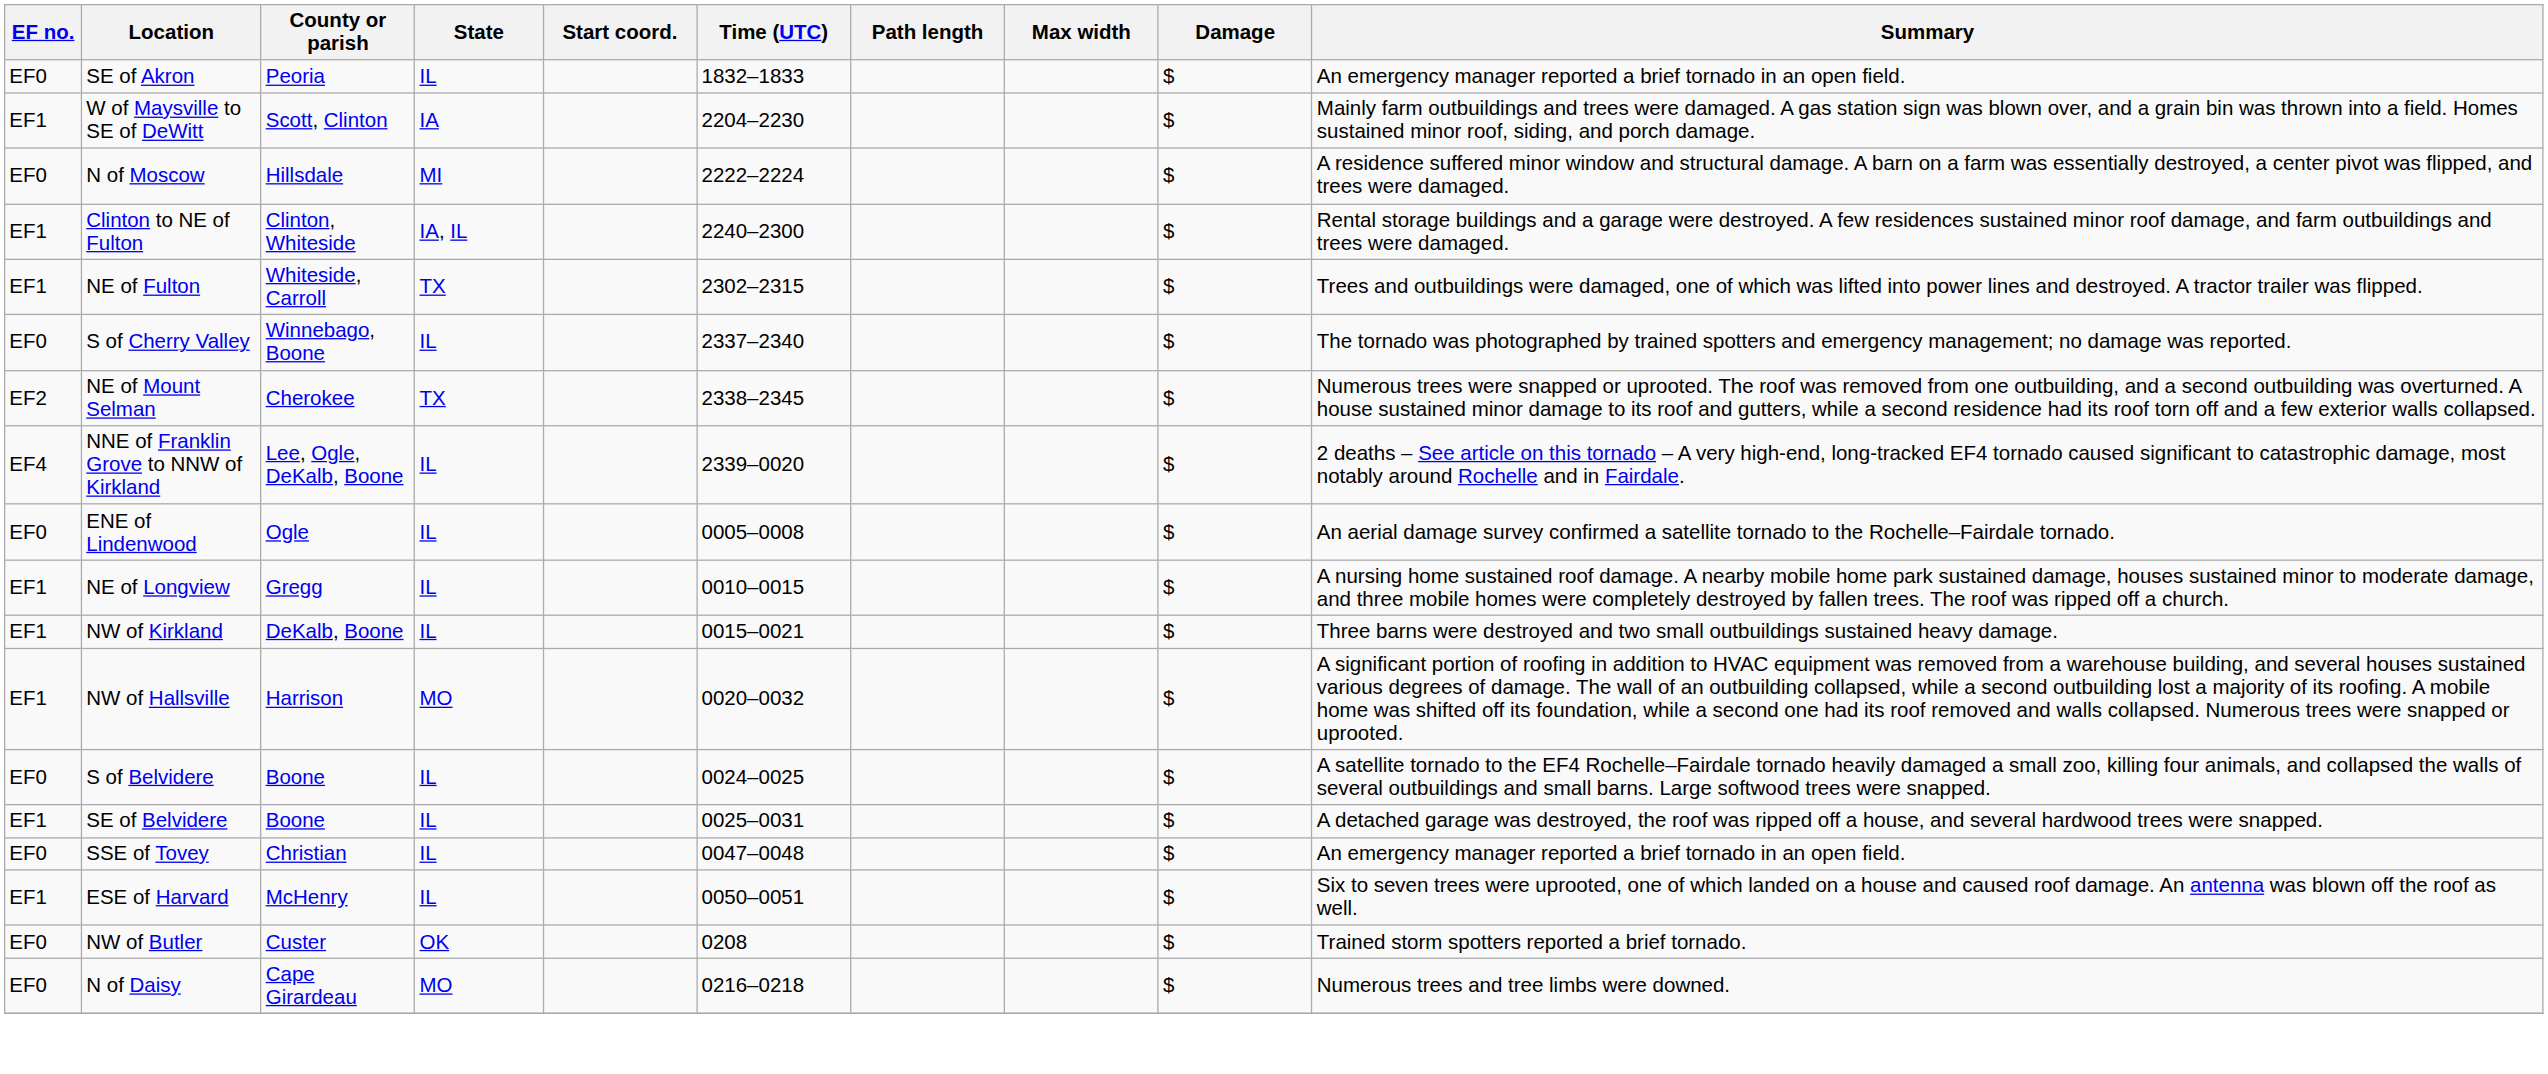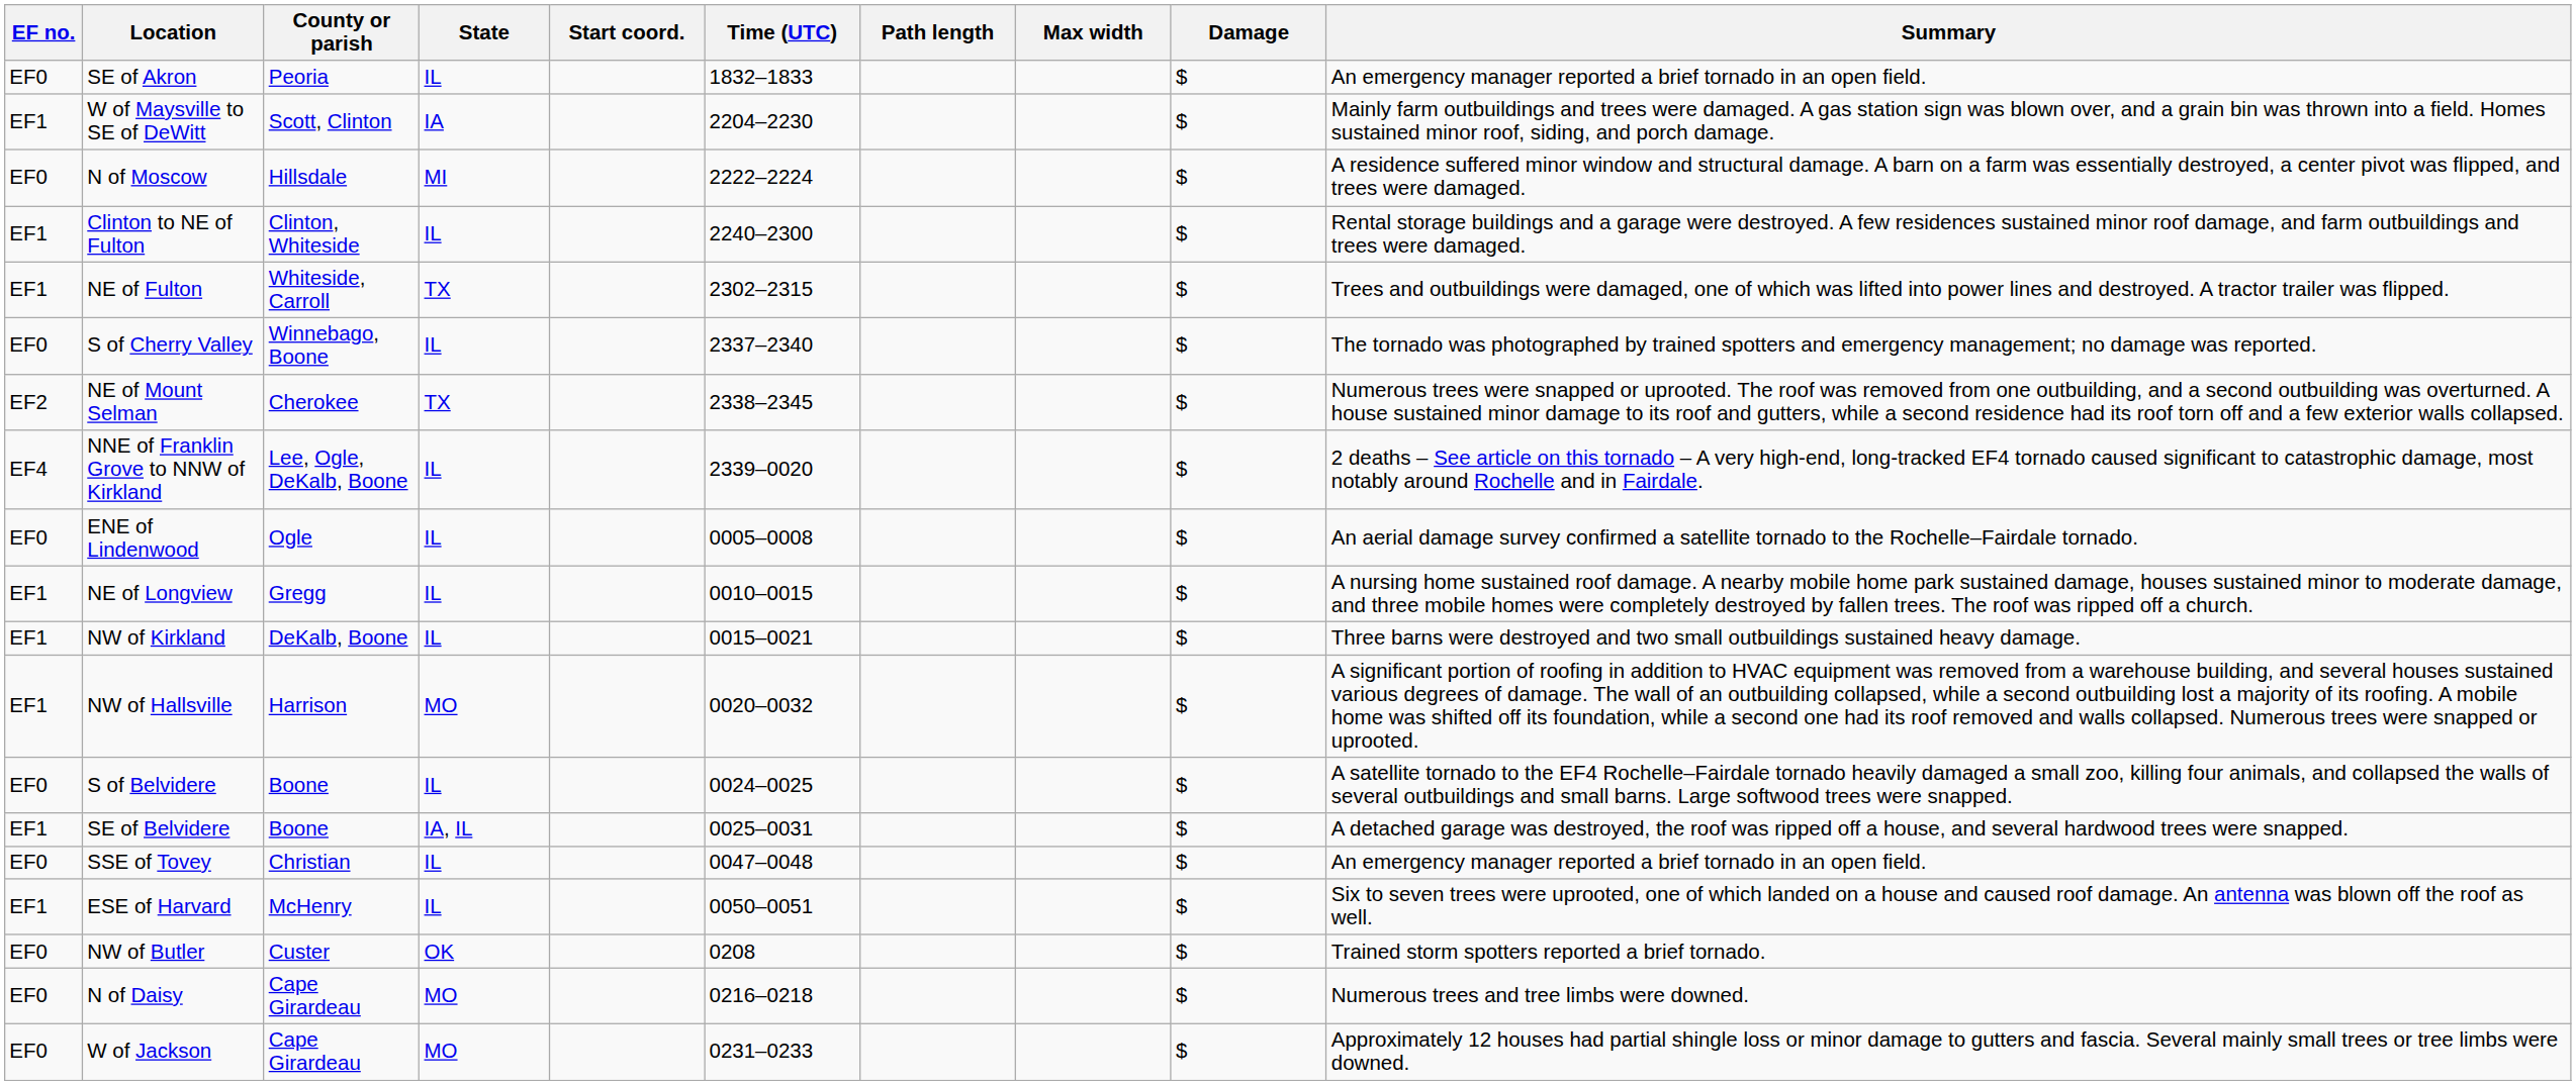 <table class="wikitable sortable" style="width:100%;">
 <tr>
 <th scope="col" width="3%" align="center"><a href='#'>EF no.</a></th>
 <th scope="col" width="7%" align="center" class="unsortable">Location</th>
 <th scope="col" width="6%" align="center" class="unsortable">County or parish</th>
 <th scope="col" width="5%" align="center">State</th>
 <th scope="col" width="6%" align="center">Start coord.</th>
 <th scope="col" width="6%" align="center">Time (<a href='#'>UTC</a>)</th>
 <th scope="col" width="6%" align="center">Path length</th>
 <th scope="col" width="6%" align="center">Max width</th>
 <th scope="col" width="6%" align="center">Damage</th>
 <th scope="col" width="48%" class="unsortable" align="center">Summary</th>
 </tr>
 <tr>
 <td>EF0</td>
 <td>SE of <a href='#'>Akron</a></td>
 <td><a href='#'>Peoria</a></td>
 <td><a href='#'>IL</a></td>
 <td></td>
 <td>1832–1833</td>
 <td></td>
 <td></td>
 <td>$</td>
 <td>An emergency manager reported a brief tornado in an open field.</td>
 </tr>
 <tr>
 <td>EF1</td>
 <td>W of <a href='#'>Maysville</a> to SE of <a href='#'>DeWitt</a></td>
 <td><a href='#'>Scott</a>, <a href='#'>Clinton</a></td>
 <td><a href='#'>IA</a></td>
 <td></td>
 <td>2204–2230</td>
 <td></td>
 <td></td>
 <td>$</td>
 <td>Mainly farm outbuildings and trees were damaged. A gas station sign was blown over, and a grain bin was thrown into a field. Homes sustained minor roof, siding, and porch damage.</td>
 </tr>
 <tr>
 <td>EF0</td>
 <td>N of <a href='#'>Moscow</a></td>
 <td><a href='#'>Hillsdale</a></td>
 <td><a href='#'>MI</a></td>
 <td></td>
 <td>2222–2224</td>
 <td></td>
 <td></td>
 <td>$</td>
 <td>A residence suffered minor window and structural damage. A barn on a farm was essentially destroyed, a center pivot was flipped, and trees were damaged.</td>
 </tr>
 <tr>
 <td>EF1</td>
 <td><a href='#'>Clinton</a> to NE of <a href='#'>Fulton</a></td>
 <td><a href='#'>Clinton</a>, <a href='#'>Whiteside</a></td>
-<td><a href='#'>IA</a>, <a href='#'>IL</a></td>
+<td><a href='#'>IL</a></td>
 <td></td>
 <td>2240–2300</td>
 <td></td>
 <td></td>
 <td>$</td>
 <td>Rental storage buildings and a garage were destroyed. A few residences sustained minor roof damage, and farm outbuildings and trees were damaged.</td>
 </tr>
 <tr>
 <td>EF1</td>
 <td>NE of <a href='#'>Fulton</a></td>
 <td><a href='#'>Whiteside</a>, <a href='#'>Carroll</a></td>
 <td><a href='#'>TX</a></td>
 <td></td>
 <td>2302–2315</td>
 <td></td>
 <td></td>
 <td>$</td>
 <td>Trees and outbuildings were damaged, one of which was lifted into power lines and destroyed. A tractor trailer was flipped.</td>
 </tr>
 <tr>
 <td>EF0</td>
 <td>S of <a href='#'>Cherry Valley</a></td>
 <td><a href='#'>Winnebago</a>, <a href='#'>Boone</a></td>
 <td><a href='#'>IL</a></td>
 <td></td>
 <td>2337–2340</td>
 <td></td>
 <td></td>
 <td>$</td>
 <td>The tornado was photographed by trained spotters and emergency management; no damage was reported.</td>
 </tr>
 <tr>
 <td>EF2</td>
 <td>NE of <a href='#'>Mount Selman</a></td>
 <td><a href='#'>Cherokee</a></td>
 <td><a href='#'>TX</a></td>
 <td></td>
 <td>2338–2345</td>
 <td></td>
 <td></td>
 <td>$</td>
 <td>Numerous trees were snapped or uprooted. The roof was removed from one outbuilding, and a second outbuilding was overturned. A house sustained minor damage to its roof and gutters, while a second residence had its roof torn off and a few exterior walls collapsed.</td>
 </tr>
 <tr>
 <td>EF4</td>
 <td>NNE of <a href='#'>Franklin Grove</a> to NNW of <a href='#'>Kirkland</a></td>
 <td><a href='#'>Lee</a>, <a href='#'>Ogle</a>, <a href='#'>DeKalb</a>, <a href='#'>Boone</a></td>
 <td><a href='#'>IL</a></td>
 <td></td>
 <td>2339–0020</td>
 <td></td>
 <td></td>
 <td>$</td>
 <td>2 deaths – <a href='#'>See article on this tornado</a> – A very high-end, long-tracked EF4 tornado caused significant to catastrophic damage, most notably around <a href='#'>Rochelle</a> and in <a href='#'>Fairdale</a>.</td>
 </tr>
 <tr>
 <td>EF0</td>
 <td>ENE of <a href='#'>Lindenwood</a></td>
 <td><a href='#'>Ogle</a></td>
 <td><a href='#'>IL</a></td>
 <td></td>
 <td>0005–0008</td>
 <td></td>
 <td></td>
 <td>$</td>
 <td>An aerial damage survey confirmed a satellite tornado to the Rochelle–Fairdale tornado.</td>
 </tr>
 <tr>
 <td>EF1</td>
 <td>NE of <a href='#'>Longview</a></td>
 <td><a href='#'>Gregg</a></td>
 <td><a href='#'>IL</a></td>
 <td></td>
 <td>0010–0015</td>
 <td></td>
 <td></td>
 <td>$</td>
 <td>A nursing home sustained roof damage. A nearby mobile home park sustained damage, houses sustained minor to moderate damage, and three mobile homes were completely destroyed by fallen trees. The roof was ripped off a church.</td>
 </tr>
 <tr>
 <td>EF1</td>
 <td>NW of <a href='#'>Kirkland</a></td>
 <td><a href='#'>DeKalb</a>, <a href='#'>Boone</a></td>
 <td><a href='#'>IL</a></td>
 <td></td>
 <td>0015–0021</td>
 <td></td>
 <td></td>
 <td>$</td>
 <td>Three barns were destroyed and two small outbuildings sustained heavy damage.</td>
 </tr>
 <tr>
 <td>EF1</td>
 <td>NW of <a href='#'>Hallsville</a></td>
 <td><a href='#'>Harrison</a></td>
 <td><a href='#'>MO</a></td>
 <td></td>
 <td>0020–0032</td>
 <td></td>
 <td></td>
 <td>$</td>
 <td>A significant portion of roofing in addition to HVAC equipment was removed from a warehouse building, and several houses sustained various degrees of damage. The wall of an outbuilding collapsed, while a second outbuilding lost a majority of its roofing. A mobile home was shifted off its foundation, while a second one had its roof removed and walls collapsed. Numerous trees were snapped or uprooted.</td>
 </tr>
 <tr>
 <td>EF0</td>
 <td>S of <a href='#'>Belvidere</a></td>
 <td><a href='#'>Boone</a></td>
 <td><a href='#'>IL</a></td>
 <td></td>
 <td>0024–0025</td>
 <td></td>
 <td></td>
 <td>$</td>
 <td>A satellite tornado to the EF4 Rochelle–Fairdale tornado heavily damaged a small zoo, killing four animals, and collapsed the walls of several outbuildings and small barns. Large softwood trees were snapped.</td>
 </tr>
 <tr>
 <td>EF1</td>
 <td>SE of <a href='#'>Belvidere</a></td>
 <td><a href='#'>Boone</a></td>
-<td><a href='#'>IL</a></td>
+<td><a href='#'>IA</a>, <a href='#'>IL</a></td>
 <td></td>
 <td>0025–0031</td>
 <td></td>
 <td></td>
 <td>$</td>
 <td>A detached garage was destroyed, the roof was ripped off a house, and several hardwood trees were snapped.</td>
 </tr>
 <tr>
 <td>EF0</td>
 <td>SSE of <a href='#'>Tovey</a></td>
 <td><a href='#'>Christian</a></td>
 <td><a href='#'>IL</a></td>
 <td></td>
 <td>0047–0048</td>
 <td></td>
 <td></td>
 <td>$</td>
 <td>An emergency manager reported a brief tornado in an open field.</td>
 </tr>
 <tr>
 <td>EF1</td>
 <td>ESE of <a href='#'>Harvard</a></td>
 <td><a href='#'>McHenry</a></td>
 <td><a href='#'>IL</a></td>
 <td></td>
 <td>0050–0051</td>
 <td></td>
 <td></td>
 <td>$</td>
 <td>Six to seven trees were uprooted, one of which landed on a house and caused roof damage. An <a href='#'>antenna</a> was blown off the roof as well.</td>
 </tr>
 <tr>
 <td>EF0</td>
 <td>NW of <a href='#'>Butler</a></td>
 <td><a href='#'>Custer</a></td>
 <td><a href='#'>OK</a></td>
 <td></td>
 <td>0208</td>
 <td></td>
 <td></td>
 <td>$</td>
 <td>Trained storm spotters reported a brief tornado.</td>
 </tr>
 <tr>
 <td>EF0</td>
 <td>N of <a href='#'>Daisy</a></td>
 <td><a href='#'>Cape Girardeau</a></td>
 <td><a href='#'>MO</a></td>
 <td></td>
 <td>0216–0218</td>
 <td></td>
 <td></td>
 <td>$</td>
 <td>Numerous trees and tree limbs were downed.</td>
 </tr>
 <tr>
+<td>EF0</td>
+<td>W of <a href='#'>Jackson</a></td>
+<td><a href='#'>Cape Girardeau</a></td>
+<td><a href='#'>MO</a></td>
+<td></td>
+<td>0231–0233</td>
+<td></td>
+<td></td>
+<td>$</td>
+<td>Approximately 12 houses had partial shingle loss or minor damage to gutters and fascia. Several mainly small trees or tree limbs were downed.</td>
+</tr>
+<tr>
 </tr>
 </table>
